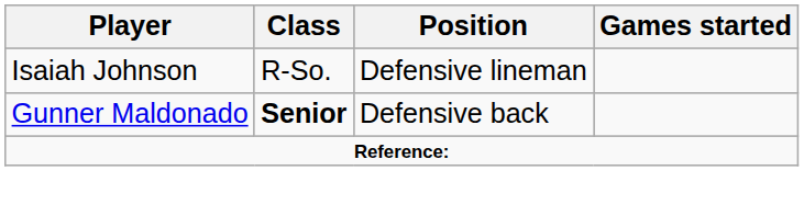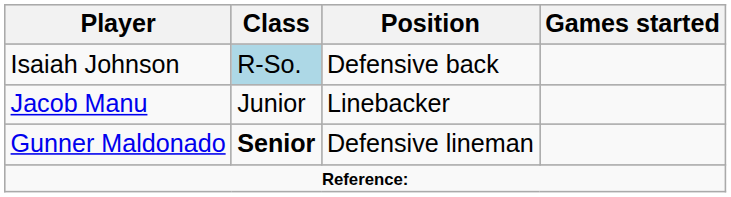 <table class="wikitable">
 <tr>
 <th style="text-align:center; ">Player</th>
 <th style="text-align:center; ">Class</th>
 <th style="text-align:center; ">Position</th>
 <th style="text-align:center; ">Games started</th>
 </tr>
 <tr>
 <td>Isaiah Johnson</td>
-<td>R-So.</td>
-<td>Defensive lineman</td>
+<td style="background: lightblue;">R-So.</td>
+<td>Defensive back</td>
+<td></td>
+</tr>
+<tr>
+<td><a href='#'>Jacob Manu</a></td>
+<td>Junior</td>
+<td>Linebacker</td>
 <td></td>
 </tr>
 <tr>
 <td><a href='#'>Gunner Maldonado</a></td>
 <td><strong>Senior</strong></td>
-<td>Defensive back</td>
+<td>Defensive lineman</td>
 <td></td>
 </tr>
 <tr>
 <td colspan="4"  style="font-size:8pt; text-align:center;"><strong>Reference:</strong></td>
 </tr>
 </table>
